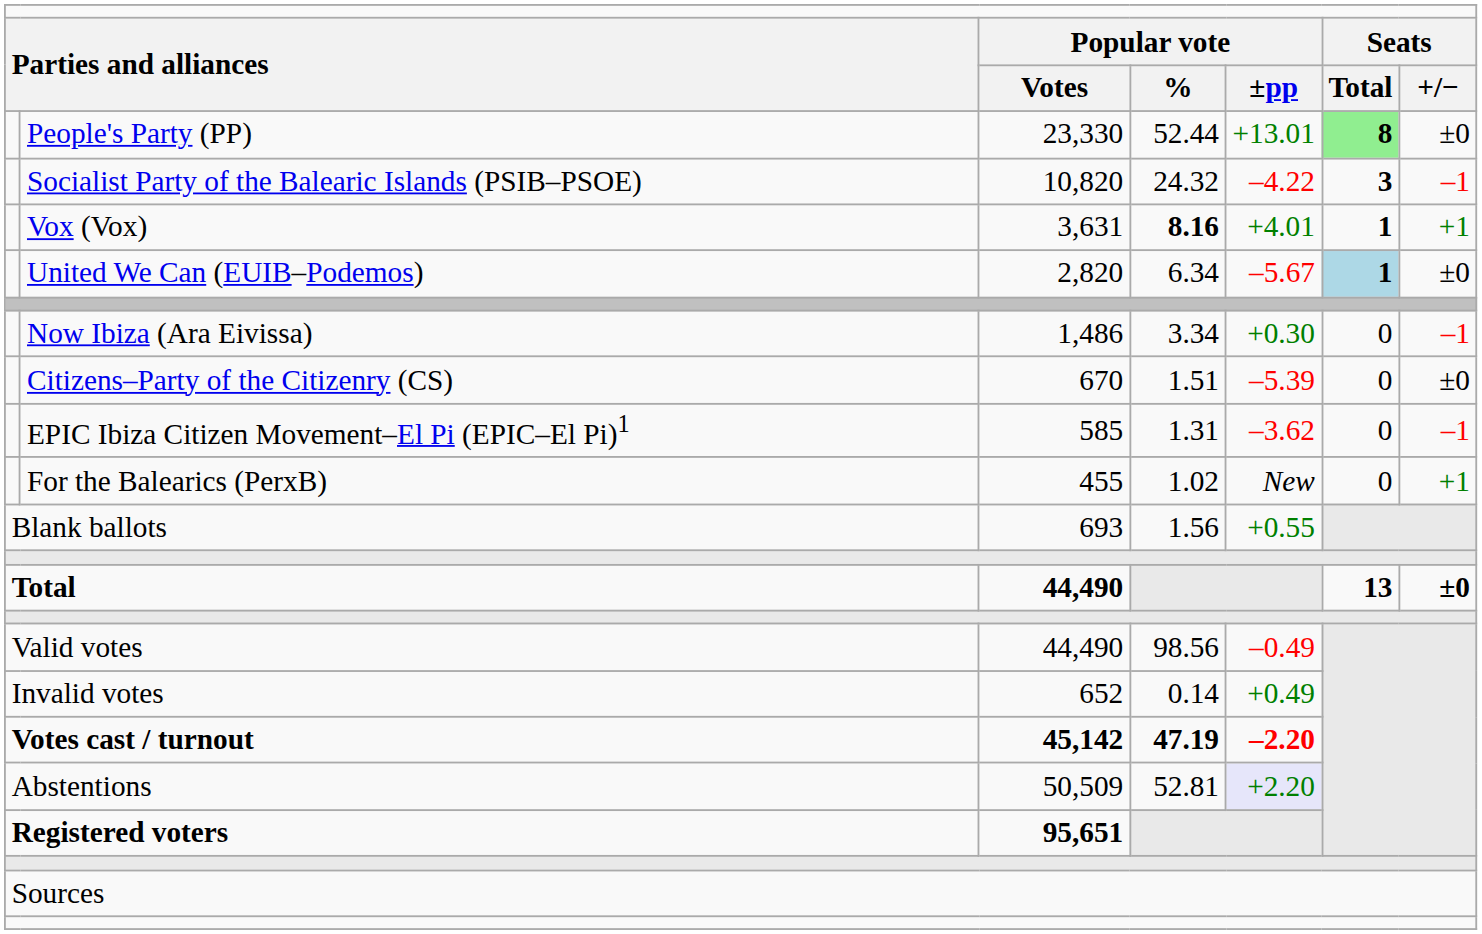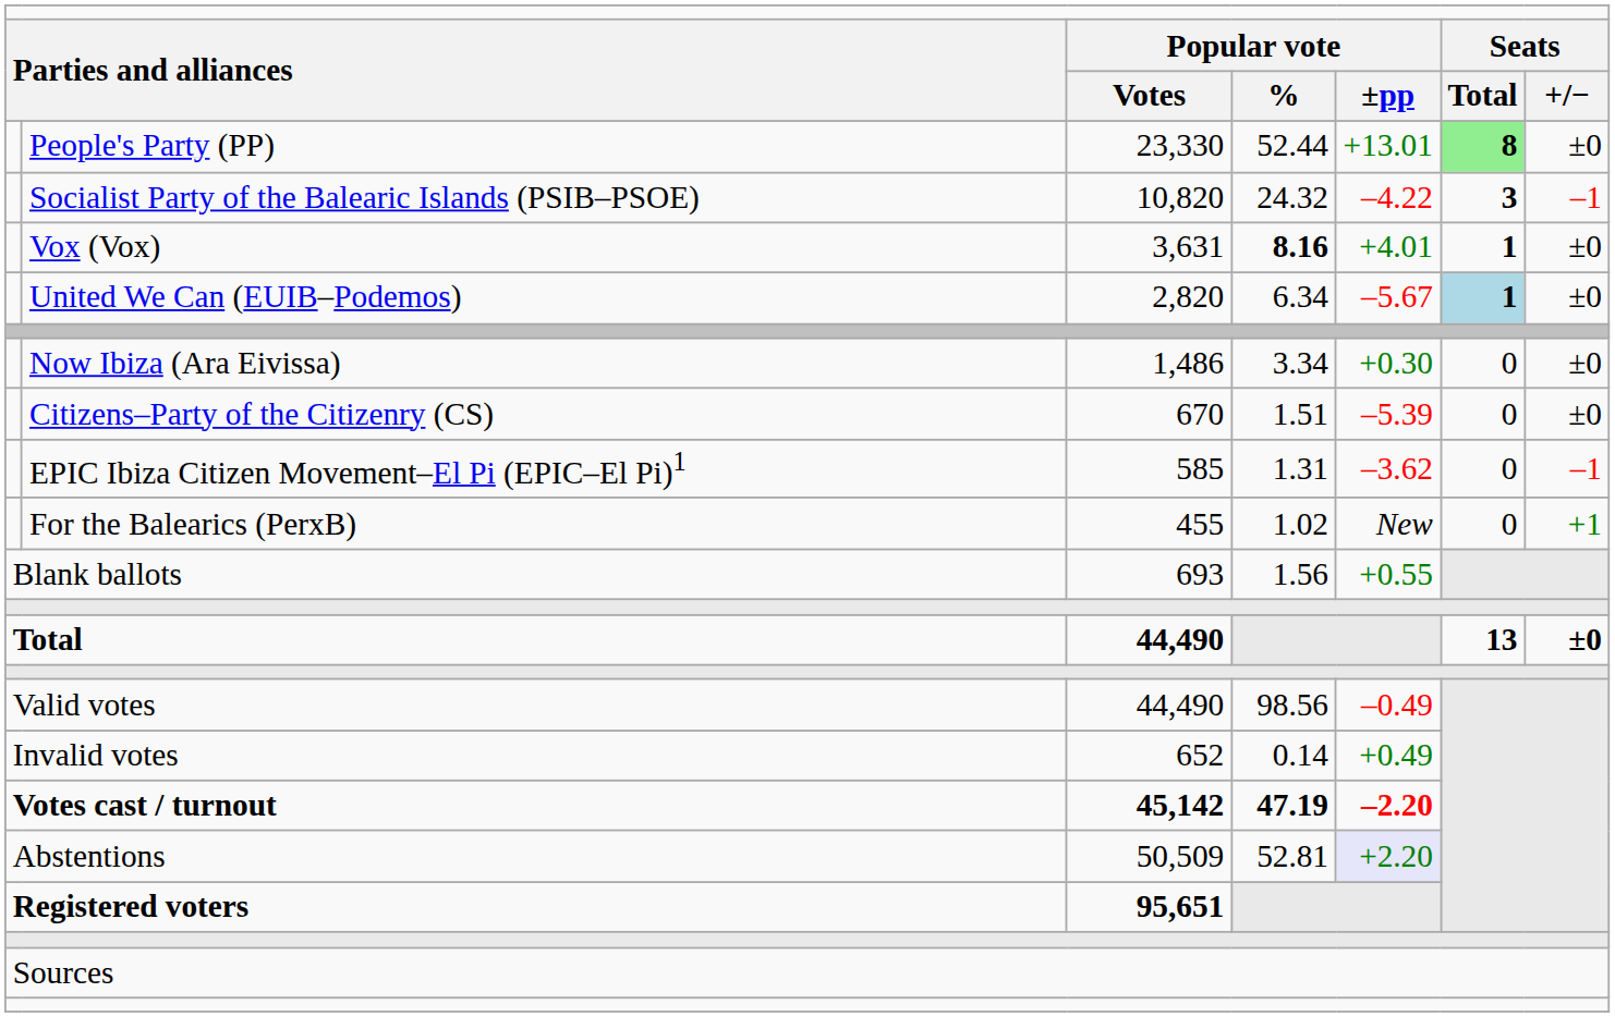 <table class="wikitable" style="text-align:right;">
 <tr>
 <td colspan="7"></td>
 </tr>
 <tr>
 <th style="text-align:left;" rowspan="2" colspan="2" width="525">Parties and alliances</th>
 <th colspan="3">Popular vote</th>
 <th colspan="2">Seats</th>
 </tr>
 <tr>
 <th width="75">Votes</th>
 <th width="45">%</th>
 <th width="45">±<a href='#'>pp</a></th>
 <th width="35">Total</th>
 <th width="35">+/−</th>
 </tr>
 <tr>
 <td width="1" style="color:inherit;background:"></td>
 <td align="left"><a href='#'>People's Party</a> (PP)</td>
 <td>23,330</td>
 <td>52.44</td>
 <td style="color:green;">+13.01</td>
 <td style="background: lightgreen;"><strong>8</strong></td>
 <td>±0</td>
 </tr>
 <tr>
 <td style="color:inherit;background:"></td>
 <td align="left"><a href='#'>Socialist Party of the Balearic Islands</a> (PSIB–PSOE)</td>
 <td>10,820</td>
 <td>24.32</td>
 <td style="color:red;">–4.22</td>
 <td><strong>3</strong></td>
 <td style="color:red;">–1</td>
 </tr>
 <tr>
 <td style="color:inherit;background:"></td>
 <td align="left"><a href='#'>Vox</a> (Vox)</td>
 <td>3,631</td>
 <td><strong>8.16</strong></td>
 <td style="color:green;">+4.01</td>
 <td><strong>1</strong></td>
-<td style="color:green;">+1</td>
+<td>±0</td>
 </tr>
 <tr>
 <td style="color:inherit;background:"></td>
 <td align="left"><a href='#'>United We Can</a> (<a href='#'>EUIB</a>–<a href='#'>Podemos</a>)</td>
 <td>2,820</td>
 <td>6.34</td>
 <td style="color:red;">–5.67</td>
 <td style="background: lightblue;"><strong>1</strong></td>
 <td>±0</td>
 </tr>
 <tr>
 <td colspan="7" bgcolor="#C0C0C0"></td>
 </tr>
 <tr>
 <td style="color:inherit;background:"></td>
 <td align="left"><a href='#'>Now Ibiza</a> (Ara Eivissa)</td>
 <td>1,486</td>
 <td>3.34</td>
 <td style="color:green;">+0.30</td>
 <td>0</td>
-<td style="color:red;">–1</td>
+<td>±0</td>
 </tr>
 <tr>
 <td style="color:inherit;background:"></td>
 <td align="left"><a href='#'>Citizens–Party of the Citizenry</a> (CS)</td>
 <td>670</td>
 <td>1.51</td>
 <td style="color:red;">–5.39</td>
 <td>0</td>
 <td>±0</td>
 </tr>
 <tr>
 <td style="color:inherit;background:"></td>
 <td align="left">EPIC Ibiza Citizen Movement–<a href='#'>El Pi</a> (EPIC–El Pi)<sup>1</sup></td>
 <td>585</td>
 <td>1.31</td>
 <td style="color:red;">–3.62</td>
 <td>0</td>
 <td style="color:red;">–1</td>
 </tr>
 <tr>
 <td style="color:inherit;background:"></td>
 <td align="left">For the Balearics (PerxB)</td>
 <td>455</td>
 <td>1.02</td>
 <td><em>New</em></td>
 <td>0</td>
 <td style="color:green;">+1</td>
 </tr>
 <tr>
 <td align="left" colspan="2">Blank ballots</td>
 <td>693</td>
 <td>1.56</td>
 <td style="color:green;">+0.55</td>
 <td bgcolor="#E9E9E9" colspan="2"></td>
 </tr>
 <tr>
 <td colspan="7" bgcolor="#E9E9E9"></td>
 </tr>
 <tr style="font-weight:bold;">
 <td align="left" colspan="2">Total</td>
 <td>44,490</td>
 <td bgcolor="#E9E9E9" colspan="2"></td>
 <td>13</td>
 <td>±0</td>
 </tr>
 <tr>
 <td colspan="7" bgcolor="#E9E9E9"></td>
 </tr>
 <tr>
 <td align="left" colspan="2">Valid votes</td>
 <td>44,490</td>
 <td>98.56</td>
 <td style="color:red;">–0.49</td>
 <td bgcolor="#E9E9E9" colspan="2" rowspan="5"></td>
 </tr>
 <tr>
 <td align="left" colspan="2">Invalid votes</td>
 <td>652</td>
 <td>0.14</td>
 <td style="color:green;">+0.49</td>
 </tr>
 <tr style="font-weight:bold;">
 <td align="left" colspan="2">Votes cast / turnout</td>
 <td>45,142</td>
 <td>47.19</td>
 <td style="color:red;">–2.20</td>
 </tr>
 <tr>
 <td align="left" colspan="2">Abstentions</td>
 <td>50,509</td>
 <td>52.81</td>
 <td style="background: lavender; color:green;">+2.20</td>
 </tr>
 <tr style="font-weight:bold;">
 <td align="left" colspan="2">Registered voters</td>
 <td>95,651</td>
 <td bgcolor="#E9E9E9" colspan="2"></td>
 </tr>
 <tr>
 <td colspan="7" bgcolor="#E9E9E9"></td>
 </tr>
 <tr>
 <td align="left" colspan="7">Sources</td>
 </tr>
 <tr>
 <td colspan="7" style="text-align:left; max-width:790px;"></td>
 </tr>
 </table>
